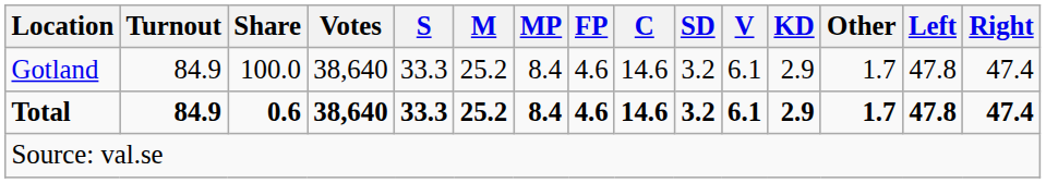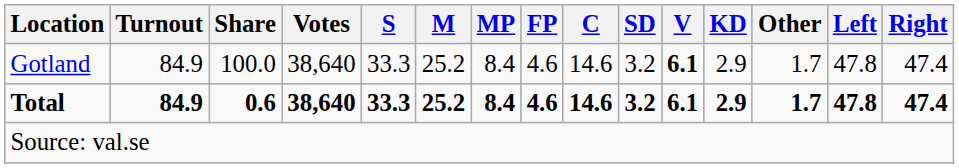 <table class="wikitable sortable" style=text-align:right>
 <tr>
 <th>Location</th>
 <th>Turnout</th>
 <th>Share</th>
 <th>Votes</th>
 <th><a href='#'>S</a></th>
 <th><a href='#'>M</a></th>
 <th><a href='#'>MP</a></th>
 <th><a href='#'>FP</a></th>
 <th><a href='#'>C</a></th>
 <th><a href='#'>SD</a></th>
 <th><a href='#'>V</a></th>
 <th><a href='#'>KD</a></th>
 <th>Other</th>
 <th><a href='#'>Left</a></th>
 <th><a href='#'>Right</a></th>
 </tr>
 <tr>
 <td align=left><a href='#'>Gotland</a></td>
 <td>84.9</td>
 <td>100.0</td>
 <td>38,640</td>
 <td>33.3</td>
 <td>25.2</td>
 <td>8.4</td>
 <td>4.6</td>
 <td>14.6</td>
 <td>3.2</td>
-<td>6.1</td>
+<td><strong>6.1</strong></td>
 <td>2.9</td>
 <td>1.7</td>
 <td>47.8</td>
 <td>47.4</td>
 </tr>
 <tr>
 <td align=left><strong>Total</strong></td>
 <td><strong>84.9</strong></td>
 <td><strong>0.6</strong></td>
 <td><strong>38,640</strong></td>
 <td><strong>33.3</strong></td>
 <td><strong>25.2</strong></td>
 <td><strong>8.4</strong></td>
 <td><strong>4.6</strong></td>
 <td><strong>14.6</strong></td>
 <td><strong>3.2</strong></td>
 <td><strong>6.1</strong></td>
 <td><strong>2.9</strong></td>
 <td><strong>1.7</strong></td>
 <td><strong>47.8</strong></td>
 <td><strong>47.4</strong></td>
 </tr>
 <tr>
 <td align=left colspan=15>Source: val.se </td>
 </tr>
 </table>
